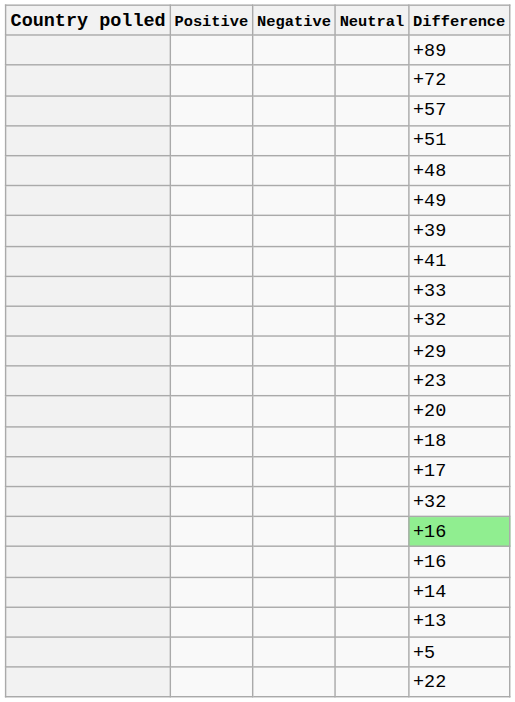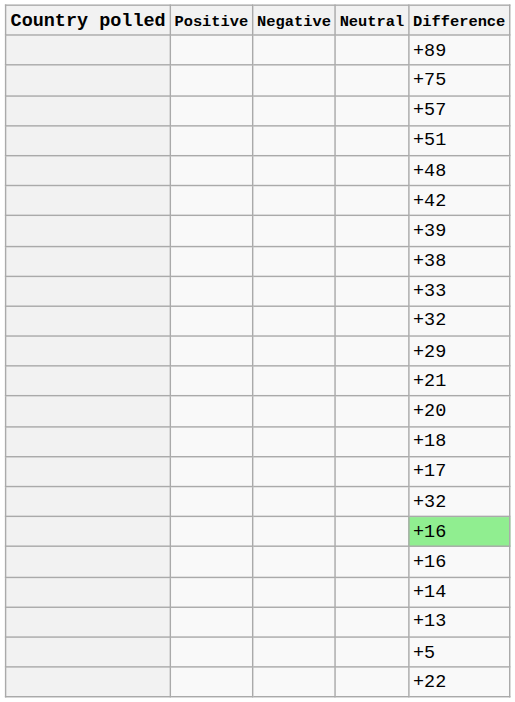 <table class="wikitable sortable floatright plainrowheaders" style="border:1px black; float:right; margin-left:1em;">
 <tr>
 <th scope="col">Country polled</th>
 <th scope="col"><small>Positive</small></th>
 <th scope="col"><small>Negative</small></th>
 <th scope="col"><small>Neutral</small></th>
 <th scope="col"><small>Difference</small></th>
 </tr>
 <tr>
 <th scope="row"></th>
 <td></td>
 <td></td>
 <td></td>
 <td><span>+89</span></td>
 </tr>
 <tr>
 <th scope="row"></th>
 <td></td>
 <td></td>
 <td></td>
-<td><span>+72</span></td>
+<td><span>+75</span></td>
 </tr>
 <tr>
 <th scope="row"></th>
 <td></td>
 <td></td>
 <td></td>
 <td><span>+57</span></td>
 </tr>
 <tr>
 <th scope="row"></th>
 <td></td>
 <td></td>
 <td></td>
 <td><span>+51</span></td>
 </tr>
 <tr>
 <th scope="row"></th>
 <td></td>
 <td></td>
 <td></td>
 <td><span>+48</span></td>
 </tr>
 <tr>
 <th scope="row"></th>
 <td></td>
 <td></td>
 <td></td>
-<td><span>+49</span></td>
+<td><span>+42</span></td>
 </tr>
 <tr>
 <th scope="row"></th>
 <td></td>
 <td></td>
 <td></td>
 <td><span>+39</span></td>
 </tr>
 <tr>
 <th scope="row"></th>
 <td></td>
 <td></td>
 <td></td>
-<td><span>+41</span></td>
+<td><span>+38</span></td>
 </tr>
 <tr>
 <th scope="row"></th>
 <td></td>
 <td></td>
 <td></td>
 <td><span>+33</span></td>
 </tr>
 <tr>
 <th scope="row"></th>
 <td></td>
 <td></td>
 <td></td>
 <td><span>+32</span></td>
 </tr>
 <tr>
 <th scope="row"></th>
 <td></td>
 <td></td>
 <td></td>
 <td><span>+29</span></td>
 </tr>
 <tr>
 <th scope="row"></th>
 <td></td>
 <td></td>
 <td></td>
-<td><span>+23</span></td>
+<td><span>+21</span></td>
 </tr>
 <tr>
 <th scope="row"></th>
 <td></td>
 <td></td>
 <td></td>
 <td><span>+20</span></td>
 </tr>
 <tr>
 <th scope="row"></th>
 <td></td>
 <td></td>
 <td></td>
 <td><span>+18</span></td>
 </tr>
 <tr>
 <th scope="row"></th>
 <td></td>
 <td></td>
 <td></td>
 <td><span>+17</span></td>
 </tr>
 <tr>
 <th scope="row"></th>
 <td></td>
 <td></td>
 <td></td>
 <td><span>+32</span></td>
 </tr>
 <tr>
 <th scope="row"></th>
 <td></td>
 <td></td>
 <td></td>
 <td style="background: lightgreen;"><span>+16</span></td>
 </tr>
 <tr>
 <th scope="row"></th>
 <td></td>
 <td></td>
 <td></td>
 <td><span>+16</span></td>
 </tr>
 <tr>
 <th scope="row"></th>
 <td></td>
 <td></td>
 <td></td>
 <td><span>+14</span></td>
 </tr>
 <tr>
 <th scope="row"></th>
 <td></td>
 <td></td>
 <td></td>
 <td><span>+13</span></td>
 </tr>
 <tr>
 <th scope="row"></th>
 <td></td>
 <td></td>
 <td></td>
 <td><span>+5</span></td>
 </tr>
 <tr>
 <th scope="row"></th>
 <td></td>
 <td></td>
 <td></td>
 <td><span>+22</span></td>
 </tr>
 <tr>
 </tr>
 </table>
